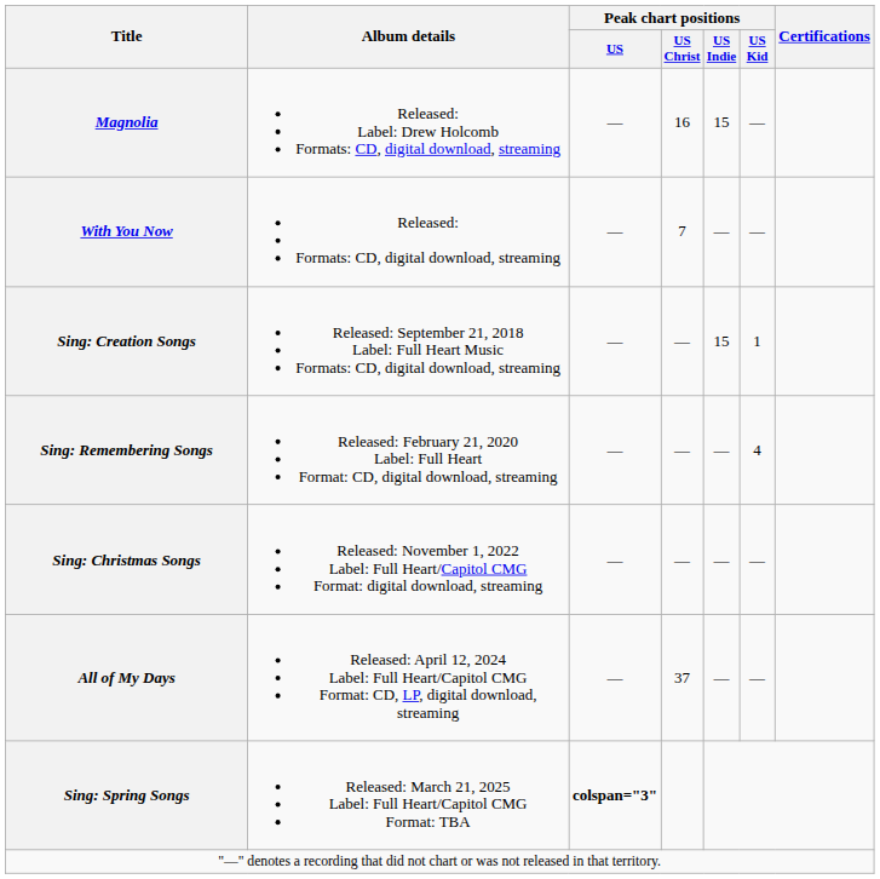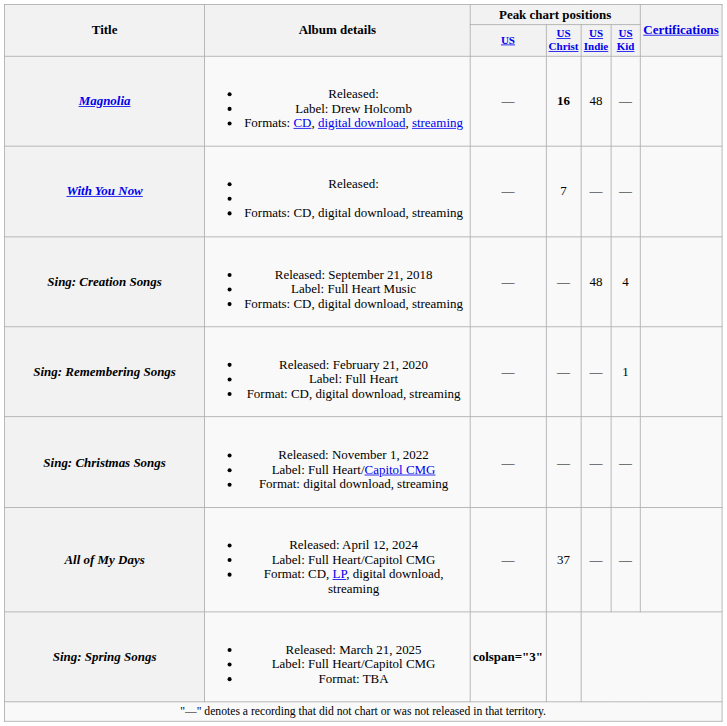 <table class="wikitable plainrowheaders" style="text-align:center;">
 <tr>
 <th rowspan="2" scope="col" style="width:15em;">Title</th>
 <th rowspan="2" scope="col" style="width:20em;">Album details</th>
 <th colspan="4" scope="col">Peak chart positions</th>
 <th rowspan="2"><a href='#'>Certifications</a></th>
 </tr>
 <tr>
 <th scope="col" style="width:2.2em;font-size:85%;"><a href='#'>US</a><br></th>
 <th scope="col" style="width:2.2em;font-size:85%;"><a href='#'>US<br>Christ</a><br></th>
 <th scope="col" style="width:2.2em;font-size:85%;"><a href='#'>US<br>Indie</a><br></th>
 <th scope="col" style="width:2.2em;font-size:85%;"><a href='#'>US<br>Kid</a><br></th>
 </tr>
 <tr>
 <th scope="row"><em><a href='#'>Magnolia</a></em></th>
 <td><br><ul><li>Released: </li><li>Label: Drew Holcomb</li><li>Formats: <a href='#'>CD</a>, <a href='#'>digital download</a>, <a href='#'>streaming</a></li></ul></td>
 <td>—</td>
-<td>16</td>
-<td>15</td>
+<td><strong>16</strong></td>
+<td>48</td>
 <td>—</td>
 <td></td>
 </tr>
 <tr>
 <th scope="row"><em><a href='#'>With You Now</a></em></th>
 <td><br><ul><li>Released: </li><li></li><li>Formats: CD, digital download, streaming</li></ul></td>
 <td>—</td>
 <td>7</td>
 <td>—</td>
 <td>—</td>
 <td></td>
 </tr>
 <tr>
 <th scope="row"><em>Sing: Creation Songs</em></th>
 <td><br><ul><li>Released: September 21, 2018</li><li>Label: Full Heart Music</li><li>Formats: CD, digital download, streaming</li></ul></td>
 <td>—</td>
 <td>—</td>
-<td>15</td>
-<td>1</td>
+<td>48</td>
+<td>4</td>
 <td></td>
 </tr>
 <tr>
 <th scope="row"><em>Sing: Remembering Songs</em></th>
 <td><br><ul><li>Released: February 21, 2020</li><li>Label: Full Heart</li><li>Format: CD, digital download, streaming</li></ul></td>
 <td>—</td>
 <td>—</td>
 <td>—</td>
-<td>4</td>
+<td>1</td>
 <td></td>
 </tr>
 <tr>
 <th scope="row"><em>Sing: Christmas Songs</em></th>
 <td><br><ul><li>Released: November 1, 2022</li><li>Label: Full Heart/<a href='#'>Capitol CMG</a></li><li>Format: digital download, streaming</li></ul></td>
 <td>—</td>
 <td>—</td>
 <td>—</td>
 <td>—</td>
 <td></td>
 </tr>
 <tr>
 <th scope="row"><em>All of My Days</em></th>
 <td><br><ul><li>Released: April 12, 2024</li><li>Label: Full Heart/Capitol CMG</li><li>Format: CD, <a href='#'>LP</a>, digital download, streaming</li></ul></td>
 <td>—</td>
 <td>37</td>
 <td>—</td>
 <td>—</td>
 <td></td>
 </tr>
 <tr>
 <th scope="row"><em>Sing: Spring Songs</em></th>
 <td><br><ul><li>Released: March 21, 2025</li><li>Label: Full Heart/Capitol CMG</li><li>Format: TBA</li></ul></td>
 <td><strong>colspan="3" </strong></td>
 <td></td>
 </tr>
 <tr>
 <td colspan="7" style="font-size:90%">"—" denotes a recording that did not chart or was not released in that territory.</td>
 </tr>
 </table>
